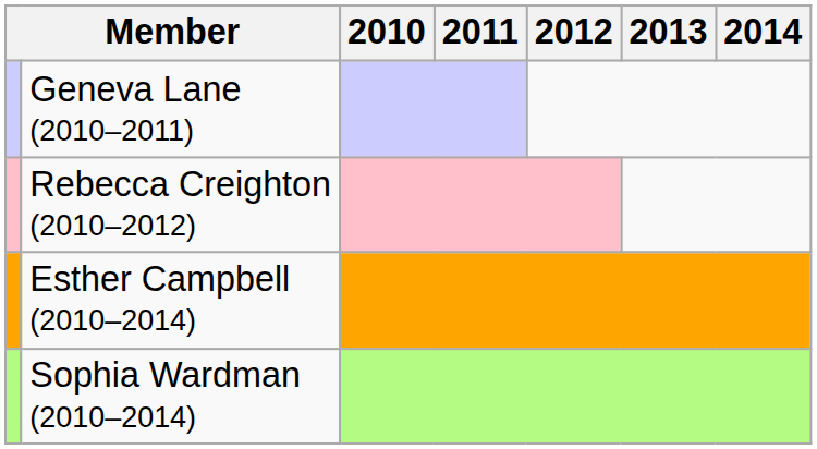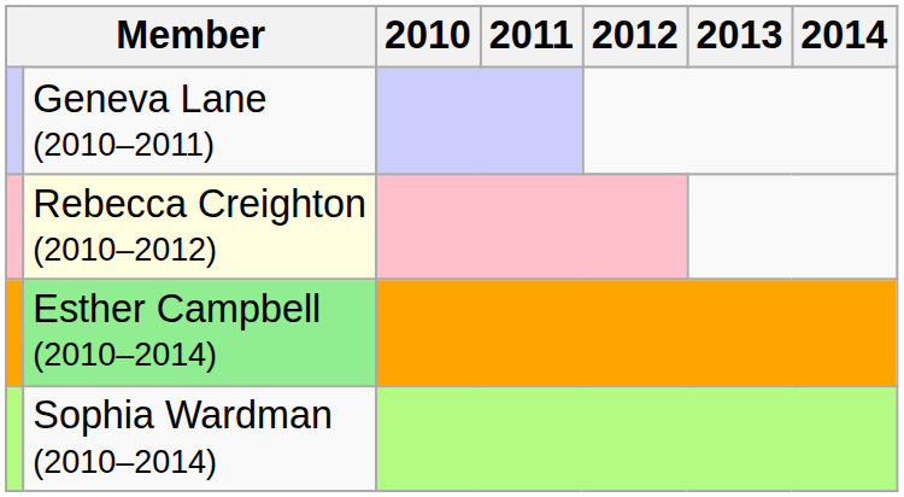 <table class="wikitable">
 <tr>
 <th colspan="2">Member</th>
 <th>2010</th>
 <th>2011</th>
 <th>2012</th>
 <th>2013</th>
 <th>2014</th>
 </tr>
 <tr>
 <td style="background:#ccf;"></td>
 <td>Geneva Lane<br><small>(2010–2011)</small></td>
 <td colspan="2" style="text-align:center; background:#ccf;"></td>
 <td colspan="3"></td>
 </tr>
 <tr>
 <td style="background:pink;"></td>
-<td>Rebecca Creighton<br><small>(2010–2012)</small></td>
+<td style="background: lightyellow;">Rebecca Creighton<br><small>(2010–2012)</small></td>
 <td colspan="3"  style="text-align:center; background:pink;"></td>
 <td colspan="2"></td>
 </tr>
 <tr>
 <td style="background:orange"></td>
-<td>Esther Campbell<br><small>(2010–2014)</small></td>
+<td style="background: lightgreen;">Esther Campbell<br><small>(2010–2014)</small></td>
 <td colspan="5"  style="text-align:center; background:orange;"></td>
 </tr>
 <tr>
 <td style="background:#B4FB84"></td>
 <td>Sophia Wardman<br><small>(2010–2014)</small></td>
 <td colspan="5"  style="text-align:center; background:#B4FB84;"></td>
 </tr>
 </table>
